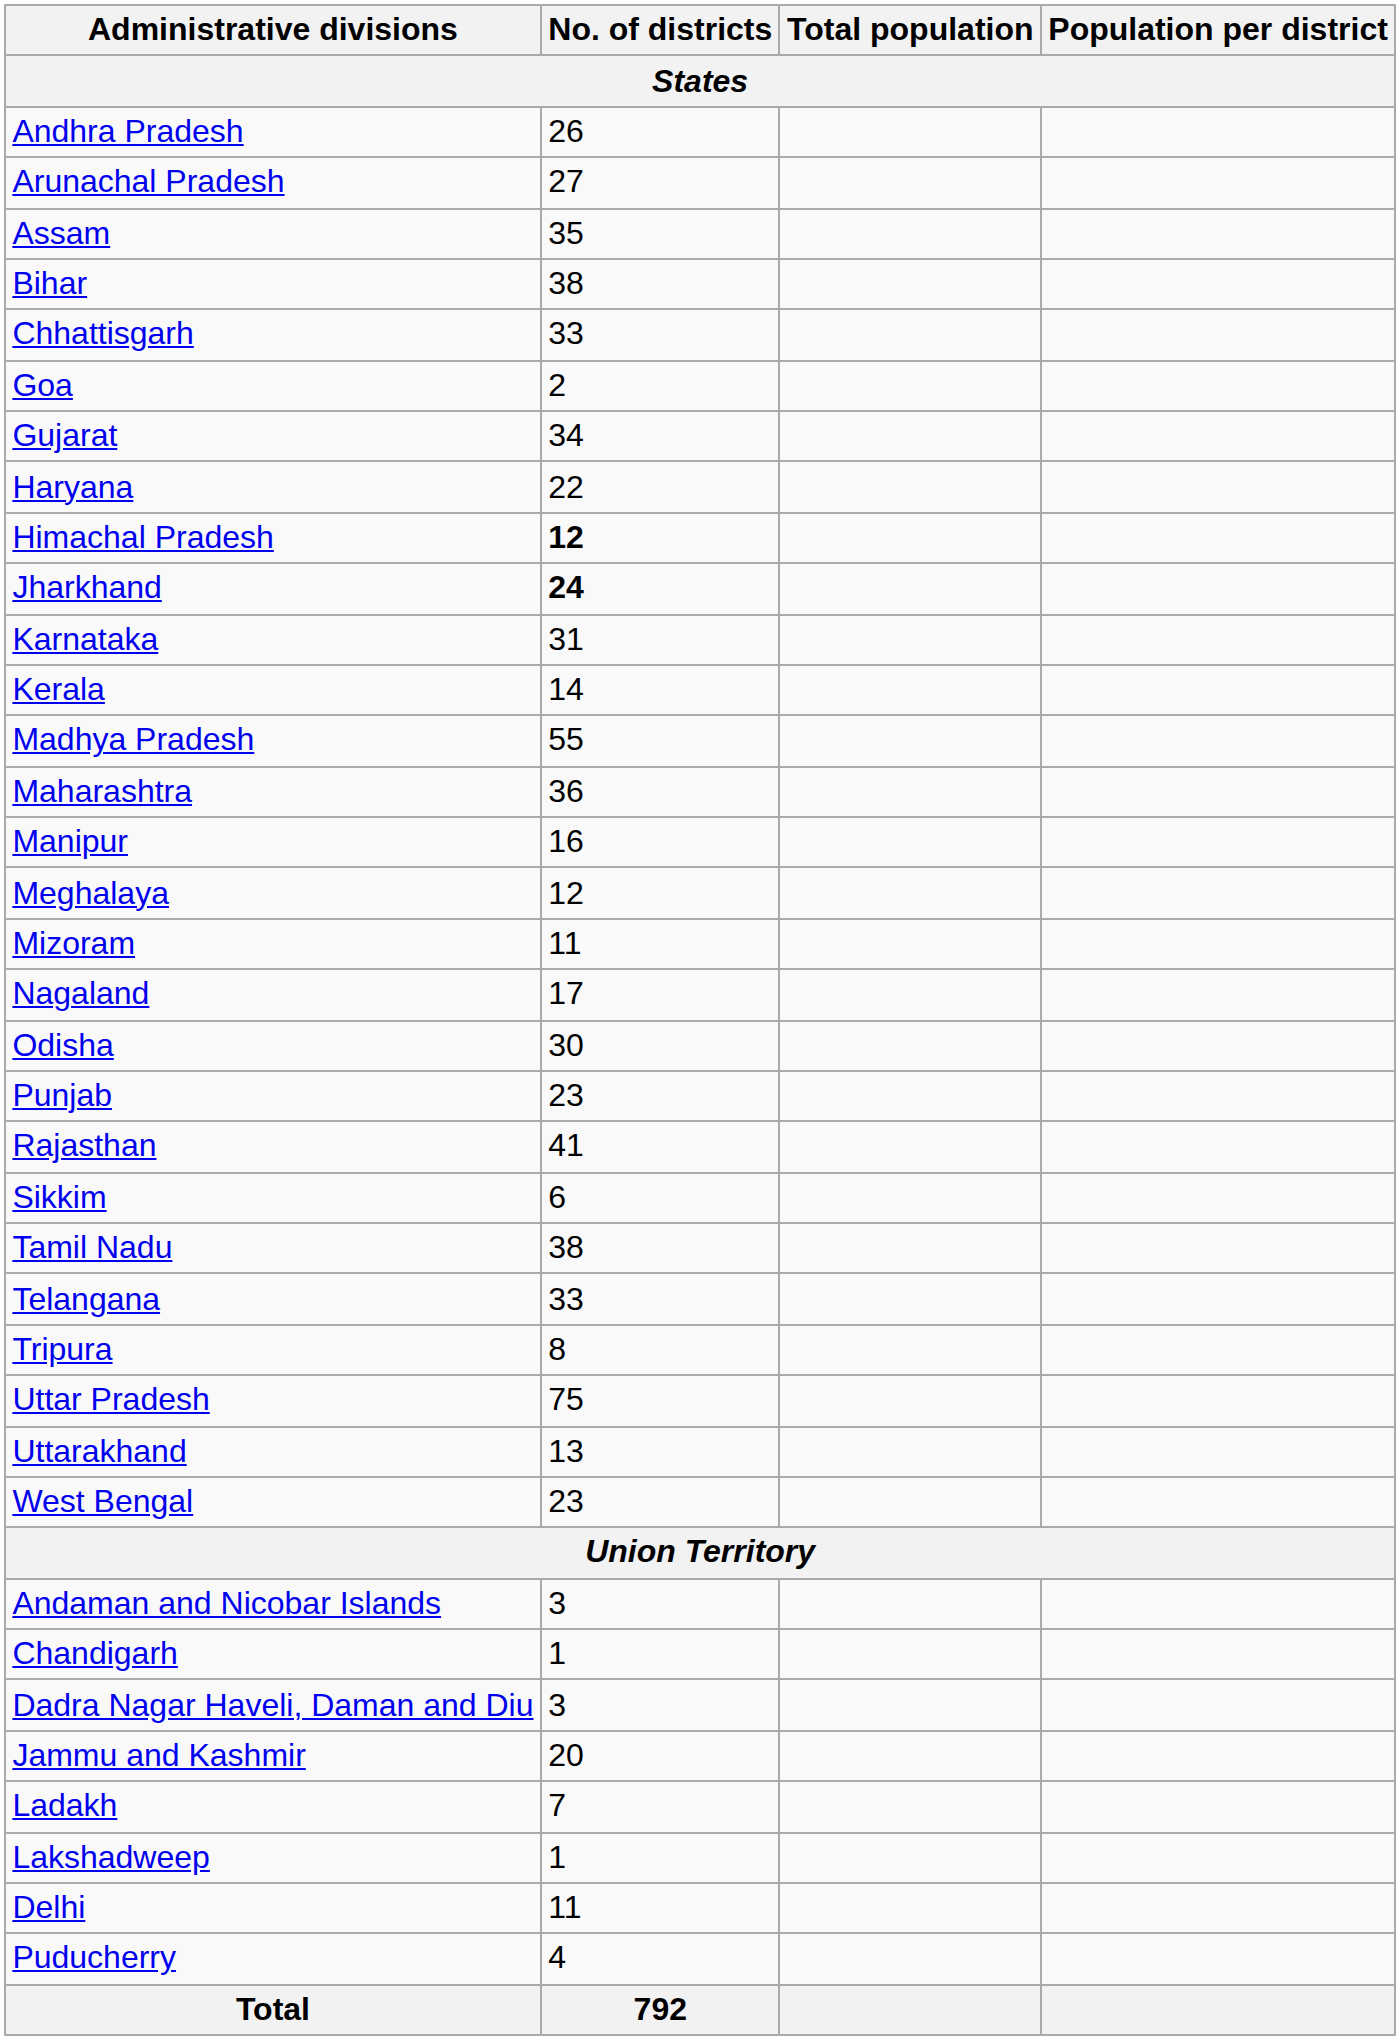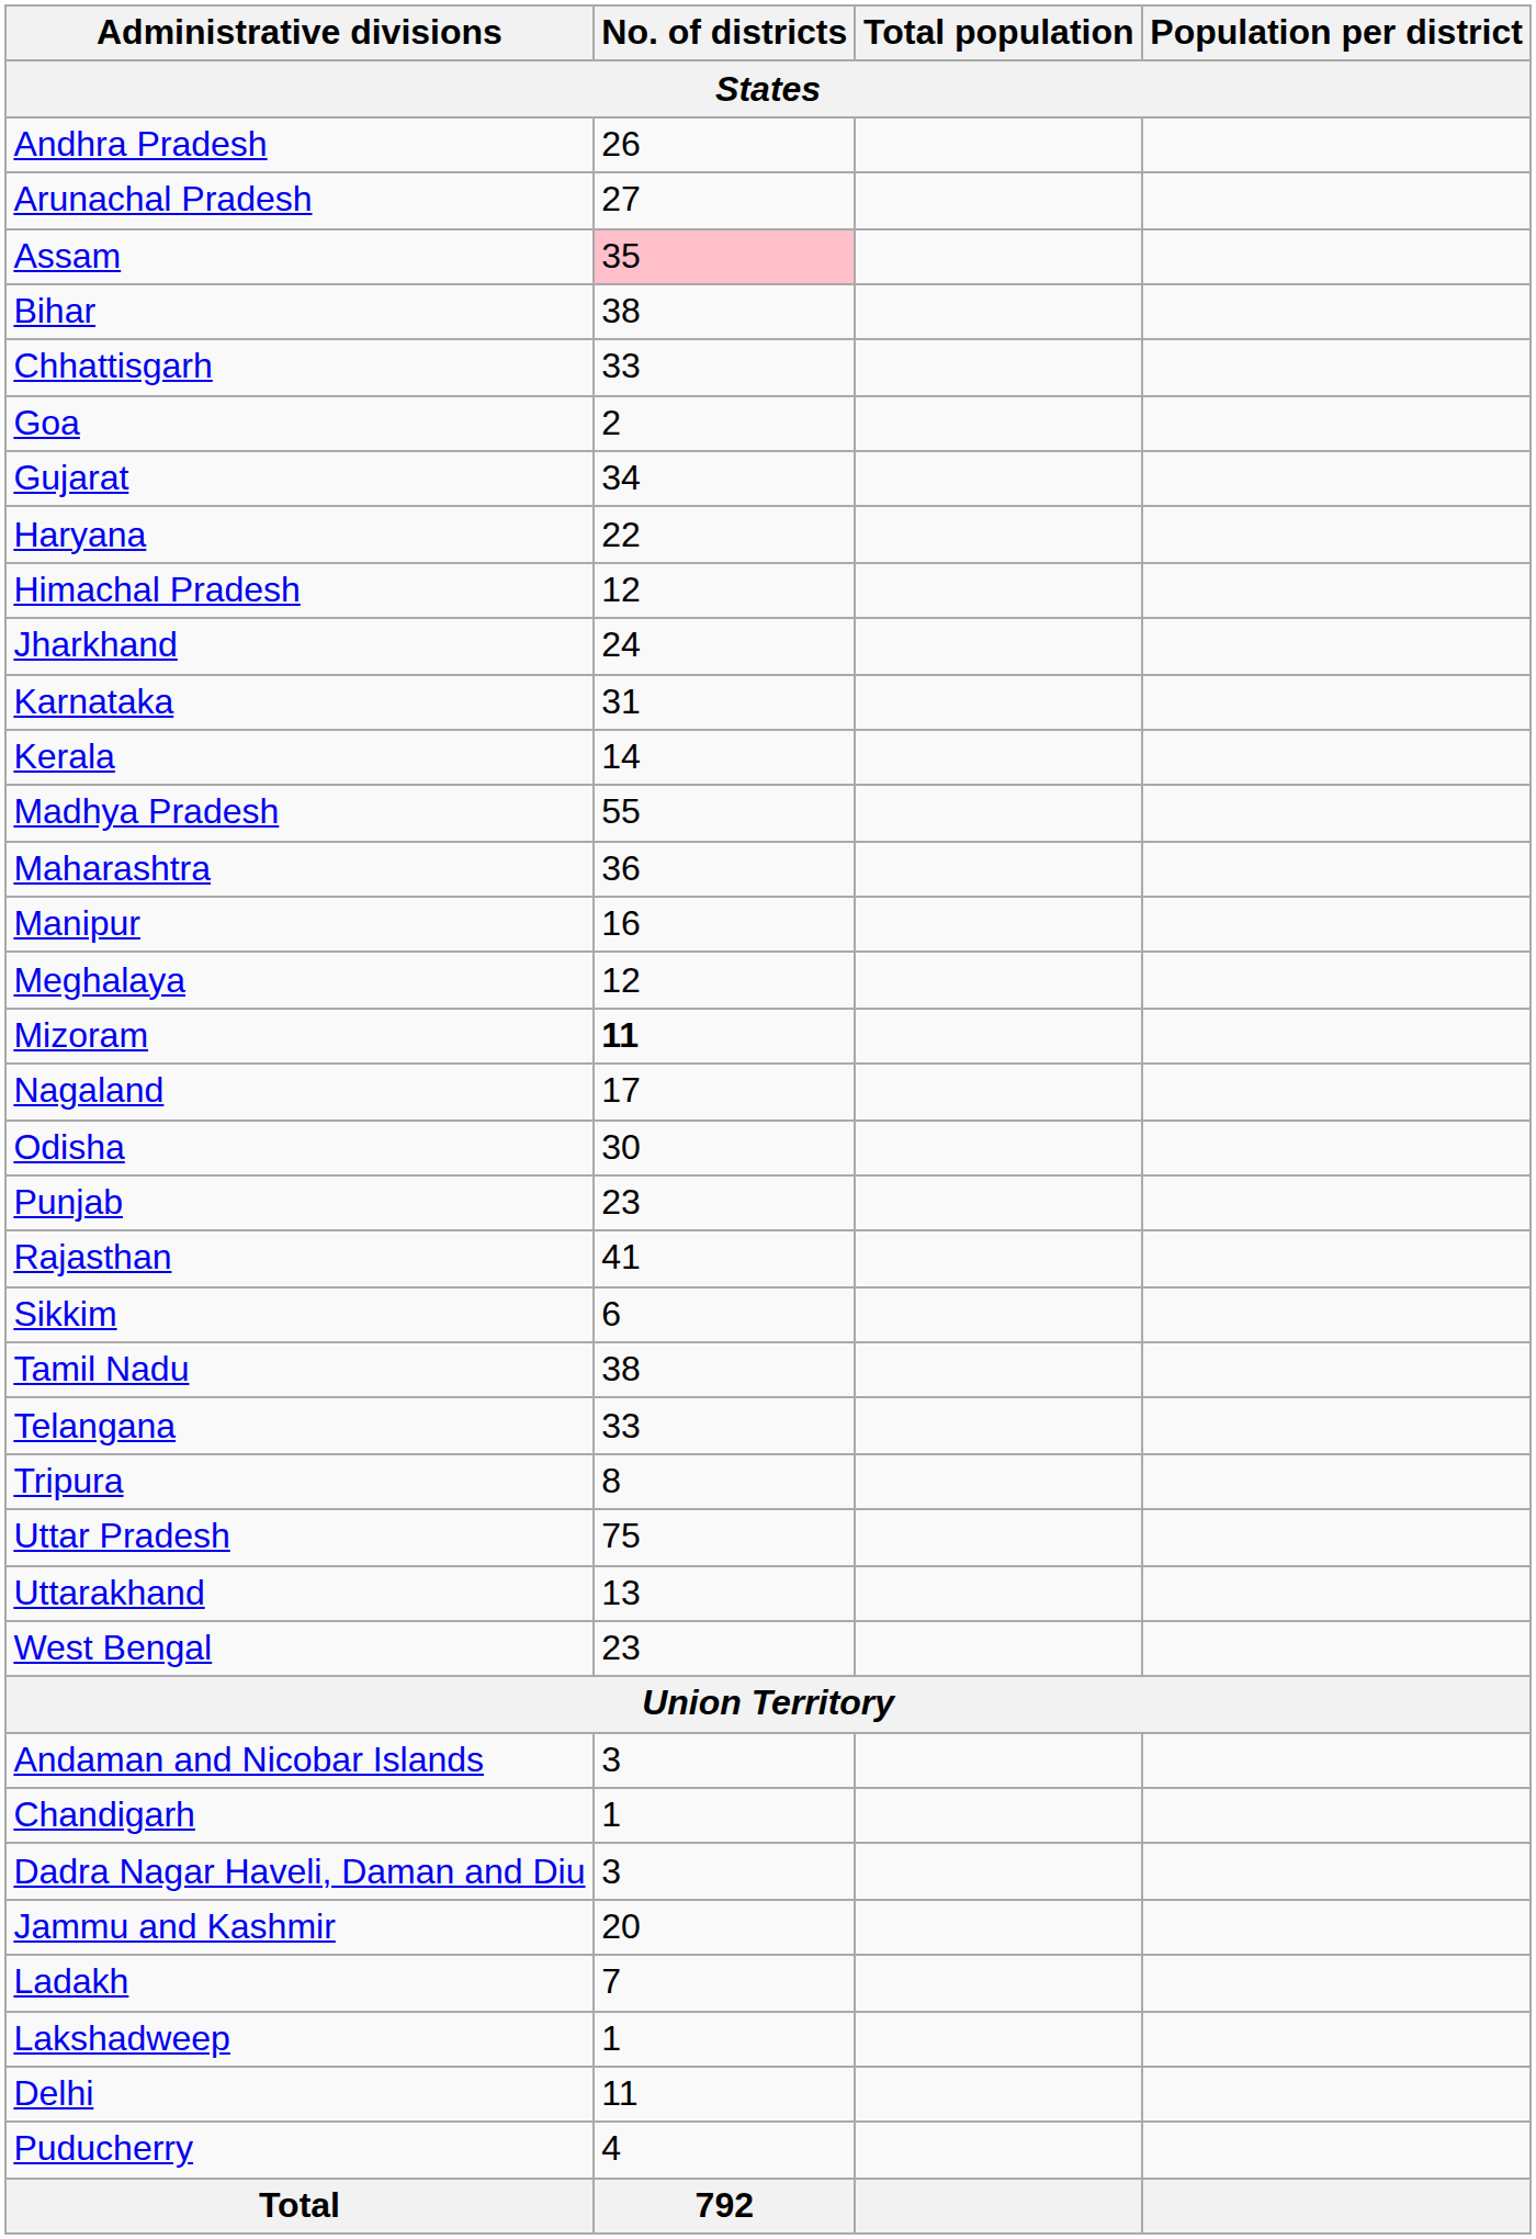 <table class="wikitable sortable static-row-numbers static-row-header-text hover-highlight" "style="font-size: 100%">
 <tr>
 <th>Administrative divisions</th>
 <th>No. of districts</th>
 <th>Total population</th>
 <th>Population per district</th>
 </tr>
 <tr class="sorttop static-row-header">
 <th colspan="9" align="center"><strong><em>States</em></strong></th>
 </tr>
 <tr>
 <td><a href='#'>Andhra Pradesh</a></td>
 <td> 26</td>
 <td> </td>
 <td> </td>
 </tr>
 <tr>
 <td><a href='#'>Arunachal Pradesh</a></td>
 <td> 27</td>
 <td> </td>
 <td> </td>
 </tr>
 <tr>
 <td><a href='#'>Assam</a></td>
-<td> 35</td>
+<td style="background: pink;"> 35</td>
 <td> </td>
 <td> </td>
 </tr>
 <tr>
 <td><a href='#'>Bihar</a></td>
 <td> 38</td>
 <td> </td>
 <td> </td>
 </tr>
 <tr>
 <td><a href='#'>Chhattisgarh</a></td>
 <td> 33</td>
 <td> </td>
 <td> </td>
 </tr>
 <tr>
 <td><a href='#'>Goa</a></td>
 <td> 2</td>
 <td> </td>
 <td> </td>
 </tr>
 <tr>
 <td><a href='#'>Gujarat</a></td>
 <td> 34</td>
 <td> </td>
 <td> </td>
 </tr>
 <tr>
 <td><a href='#'>Haryana</a></td>
 <td> 22</td>
 <td> </td>
 <td> </td>
 </tr>
 <tr>
 <td><a href='#'>Himachal Pradesh</a></td>
-<td><strong> 12</strong></td>
+<td> 12</td>
 <td> </td>
 <td> </td>
 </tr>
 <tr>
 <td><a href='#'>Jharkhand</a></td>
-<td><strong> 24</strong></td>
+<td> 24</td>
 <td> </td>
 <td> </td>
 </tr>
 <tr>
 <td><a href='#'>Karnataka</a></td>
 <td> 31</td>
 <td> </td>
 <td> </td>
 </tr>
 <tr>
 <td><a href='#'>Kerala</a></td>
 <td> 14</td>
 <td> </td>
 <td> </td>
 </tr>
 <tr>
 <td><a href='#'>Madhya Pradesh</a></td>
 <td> 55</td>
 <td> </td>
 <td> </td>
 </tr>
 <tr>
 <td><a href='#'>Maharashtra</a></td>
 <td> 36</td>
 <td> </td>
 <td> </td>
 </tr>
 <tr>
 <td><a href='#'>Manipur</a></td>
 <td> 16</td>
 <td> </td>
 <td> </td>
 </tr>
 <tr>
 <td><a href='#'>Meghalaya</a></td>
 <td> 12</td>
 <td> </td>
 <td> </td>
 </tr>
 <tr>
 <td><a href='#'>Mizoram</a></td>
-<td> 11</td>
+<td><strong> 11</strong></td>
 <td> </td>
 <td> </td>
 </tr>
 <tr>
 <td><a href='#'>Nagaland</a></td>
 <td> 17</td>
 <td> </td>
 <td> </td>
 </tr>
 <tr>
 <td><a href='#'>Odisha</a></td>
 <td> 30</td>
 <td> </td>
 <td> </td>
 </tr>
 <tr>
 <td><a href='#'>Punjab</a></td>
 <td> 23</td>
 <td> </td>
 <td> </td>
 </tr>
 <tr>
 <td><a href='#'>Rajasthan</a></td>
 <td> 41</td>
 <td> </td>
 <td> </td>
 </tr>
 <tr>
 <td><a href='#'>Sikkim</a></td>
 <td> 6</td>
 <td> </td>
 <td> </td>
 </tr>
 <tr>
 <td><a href='#'>Tamil Nadu</a></td>
 <td> 38</td>
 <td> </td>
 <td> </td>
 </tr>
 <tr>
 <td><a href='#'>Telangana</a></td>
 <td> 33</td>
 <td> </td>
 <td> </td>
 </tr>
 <tr>
 <td><a href='#'>Tripura</a></td>
 <td> 8</td>
 <td> </td>
 <td> </td>
 </tr>
 <tr>
 <td><a href='#'>Uttar Pradesh</a></td>
 <td> 75</td>
 <td> </td>
 <td> </td>
 </tr>
 <tr>
 <td><a href='#'>Uttarakhand</a></td>
 <td> 13</td>
 <td> </td>
 <td> </td>
 </tr>
 <tr>
 <td><a href='#'>West Bengal</a></td>
 <td> 23</td>
 <td> </td>
 <td> </td>
 </tr>
 <tr class="sorttop static-row-header">
 <th colspan="9" align="center"><strong><em>Union Territory</em></strong></th>
 </tr>
 <tr>
 <td><a href='#'>Andaman and Nicobar Islands</a></td>
 <td> 3</td>
 <td> </td>
 <td> </td>
 </tr>
 <tr>
 <td><a href='#'>Chandigarh</a></td>
 <td> 1</td>
 <td> </td>
 <td> </td>
 </tr>
 <tr>
 <td><a href='#'>Dadra Nagar Haveli, Daman and Diu</a></td>
 <td> 3</td>
 <td> </td>
 <td> </td>
 </tr>
 <tr>
 <td><a href='#'>Jammu and Kashmir</a></td>
 <td> 20</td>
 <td> </td>
 <td> </td>
 </tr>
 <tr>
 <td><a href='#'>Ladakh</a></td>
 <td> 7</td>
 <td> </td>
 <td> </td>
 </tr>
 <tr>
 <td><a href='#'>Lakshadweep</a></td>
 <td> 1</td>
 <td> </td>
 <td> </td>
 </tr>
 <tr>
 <td><a href='#'>Delhi</a></td>
 <td> 11</td>
 <td> </td>
 <td> </td>
 </tr>
 <tr>
 <td><a href='#'>Puducherry</a></td>
 <td> 4</td>
 <td> </td>
 <td> </td>
 </tr>
 <tr>
 <th>Total</th>
 <th>792</th>
 <th> </th>
 <th> </th>
 </tr>
 </table>
